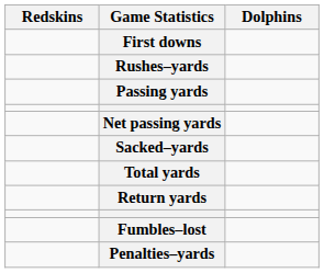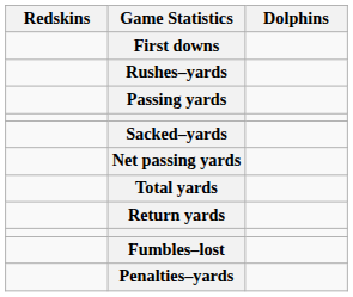 <table class="wikitable" style="margin: 1em auto 1em auto">
 <tr>
 <th style="width:30%;">Redskins</th>
 <th style="width:40%;">Game Statistics</th>
 <th style="width:30%;">Dolphins</th>
 </tr>
 <tr>
 <td style="text-align:right;"></td>
 <th>First downs</th>
 <td></td>
 </tr>
 <tr>
 <td style="text-align:right;"></td>
 <th>Rushes–yards</th>
 <td></td>
 </tr>
 <tr>
 <td style="text-align:right;"></td>
 <th>Passing yards</th>
 <td></td>
 </tr>
 <tr>
 <td style="text-align:right;"></td>
 <th></th>
 <td></td>
 </tr>
 <tr>
 <td style="text-align:right;"></td>
-<th>Net passing yards</th>
+<th>Sacked–yards</th>
 <td></td>
 </tr>
 <tr>
 <td style="text-align:right;"></td>
-<th>Sacked–yards</th>
+<th>Net passing yards</th>
 <td></td>
 </tr>
 <tr>
 <td style="text-align:right;"></td>
 <th>Total yards</th>
 <td></td>
 </tr>
 <tr>
 <td style="text-align:right;"></td>
 <th>Return yards</th>
 <td></td>
 </tr>
 <tr>
 <td style="text-align:right;"></td>
 <th></th>
 <td></td>
 </tr>
 <tr>
 <td style="text-align:right;"></td>
 <th>Fumbles–lost</th>
 <td></td>
 </tr>
 <tr>
 <td style="text-align:right;"></td>
 <th>Penalties–yards</th>
 <td></td>
 </tr>
 </table>
